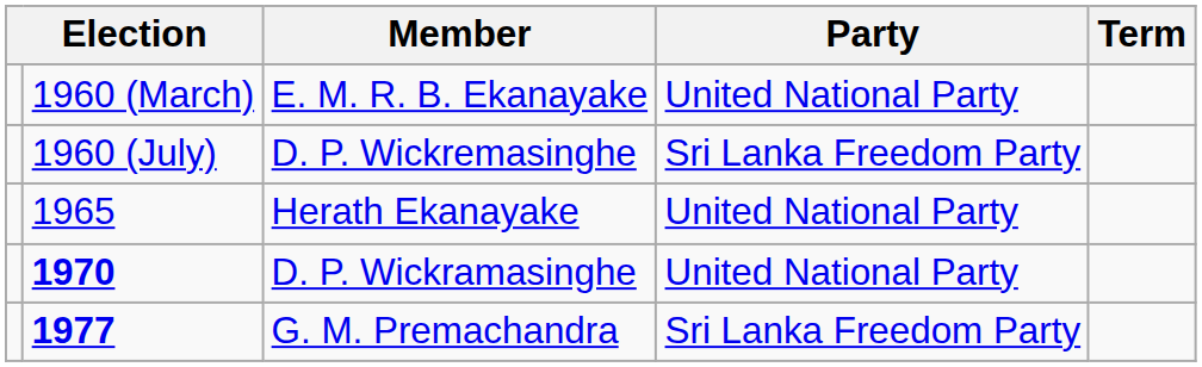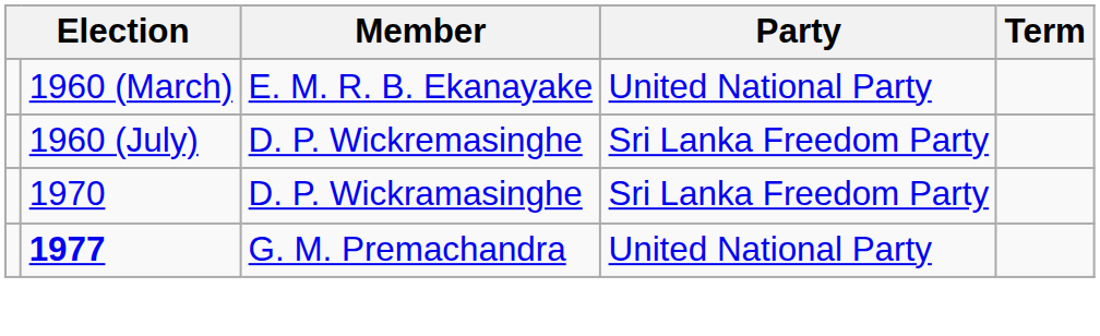 <table class="wikitable">
 <tr>
 <th colspan="2">Election</th>
 <th>Member</th>
 <th>Party</th>
 <th>Term</th>
 </tr>
 <tr>
 <td style="background-color: "></td>
 <td><a href='#'>1960 (March)</a></td>
 <td><a href='#'>E. M. R. B. Ekanayake</a></td>
 <td><a href='#'>United National Party</a></td>
 <td></td>
 </tr>
 <tr>
 <td style="background-color: "></td>
 <td><a href='#'>1960 (July)</a></td>
 <td><a href='#'>D. P. Wickremasinghe</a></td>
 <td><a href='#'>Sri Lanka Freedom Party</a></td>
 <td></td>
 </tr>
 <tr>
 <td style="background-color: "></td>
-<td><a href='#'>1965</a></td>
-<td><a href='#'>Herath Ekanayake</a></td>
-<td><a href='#'>United National Party</a></td>
-<td></td>
-</tr>
-<tr>
-<td style="background-color: "></td>
-<td><strong><a href='#'>1970</a></strong></td>
+<td><a href='#'>1970</a></td>
 <td><a href='#'>D. P. Wickramasinghe</a></td>
-<td><a href='#'>United National Party</a></td>
+<td><a href='#'>Sri Lanka Freedom Party</a></td>
 <td></td>
 </tr>
 <tr>
 <td style="background-color: "></td>
 <td><strong><a href='#'>1977</a></strong></td>
 <td><a href='#'>G. M. Premachandra</a></td>
-<td><a href='#'>Sri Lanka Freedom Party</a></td>
+<td><a href='#'>United National Party</a></td>
 <td></td>
 </tr>
 </table>
